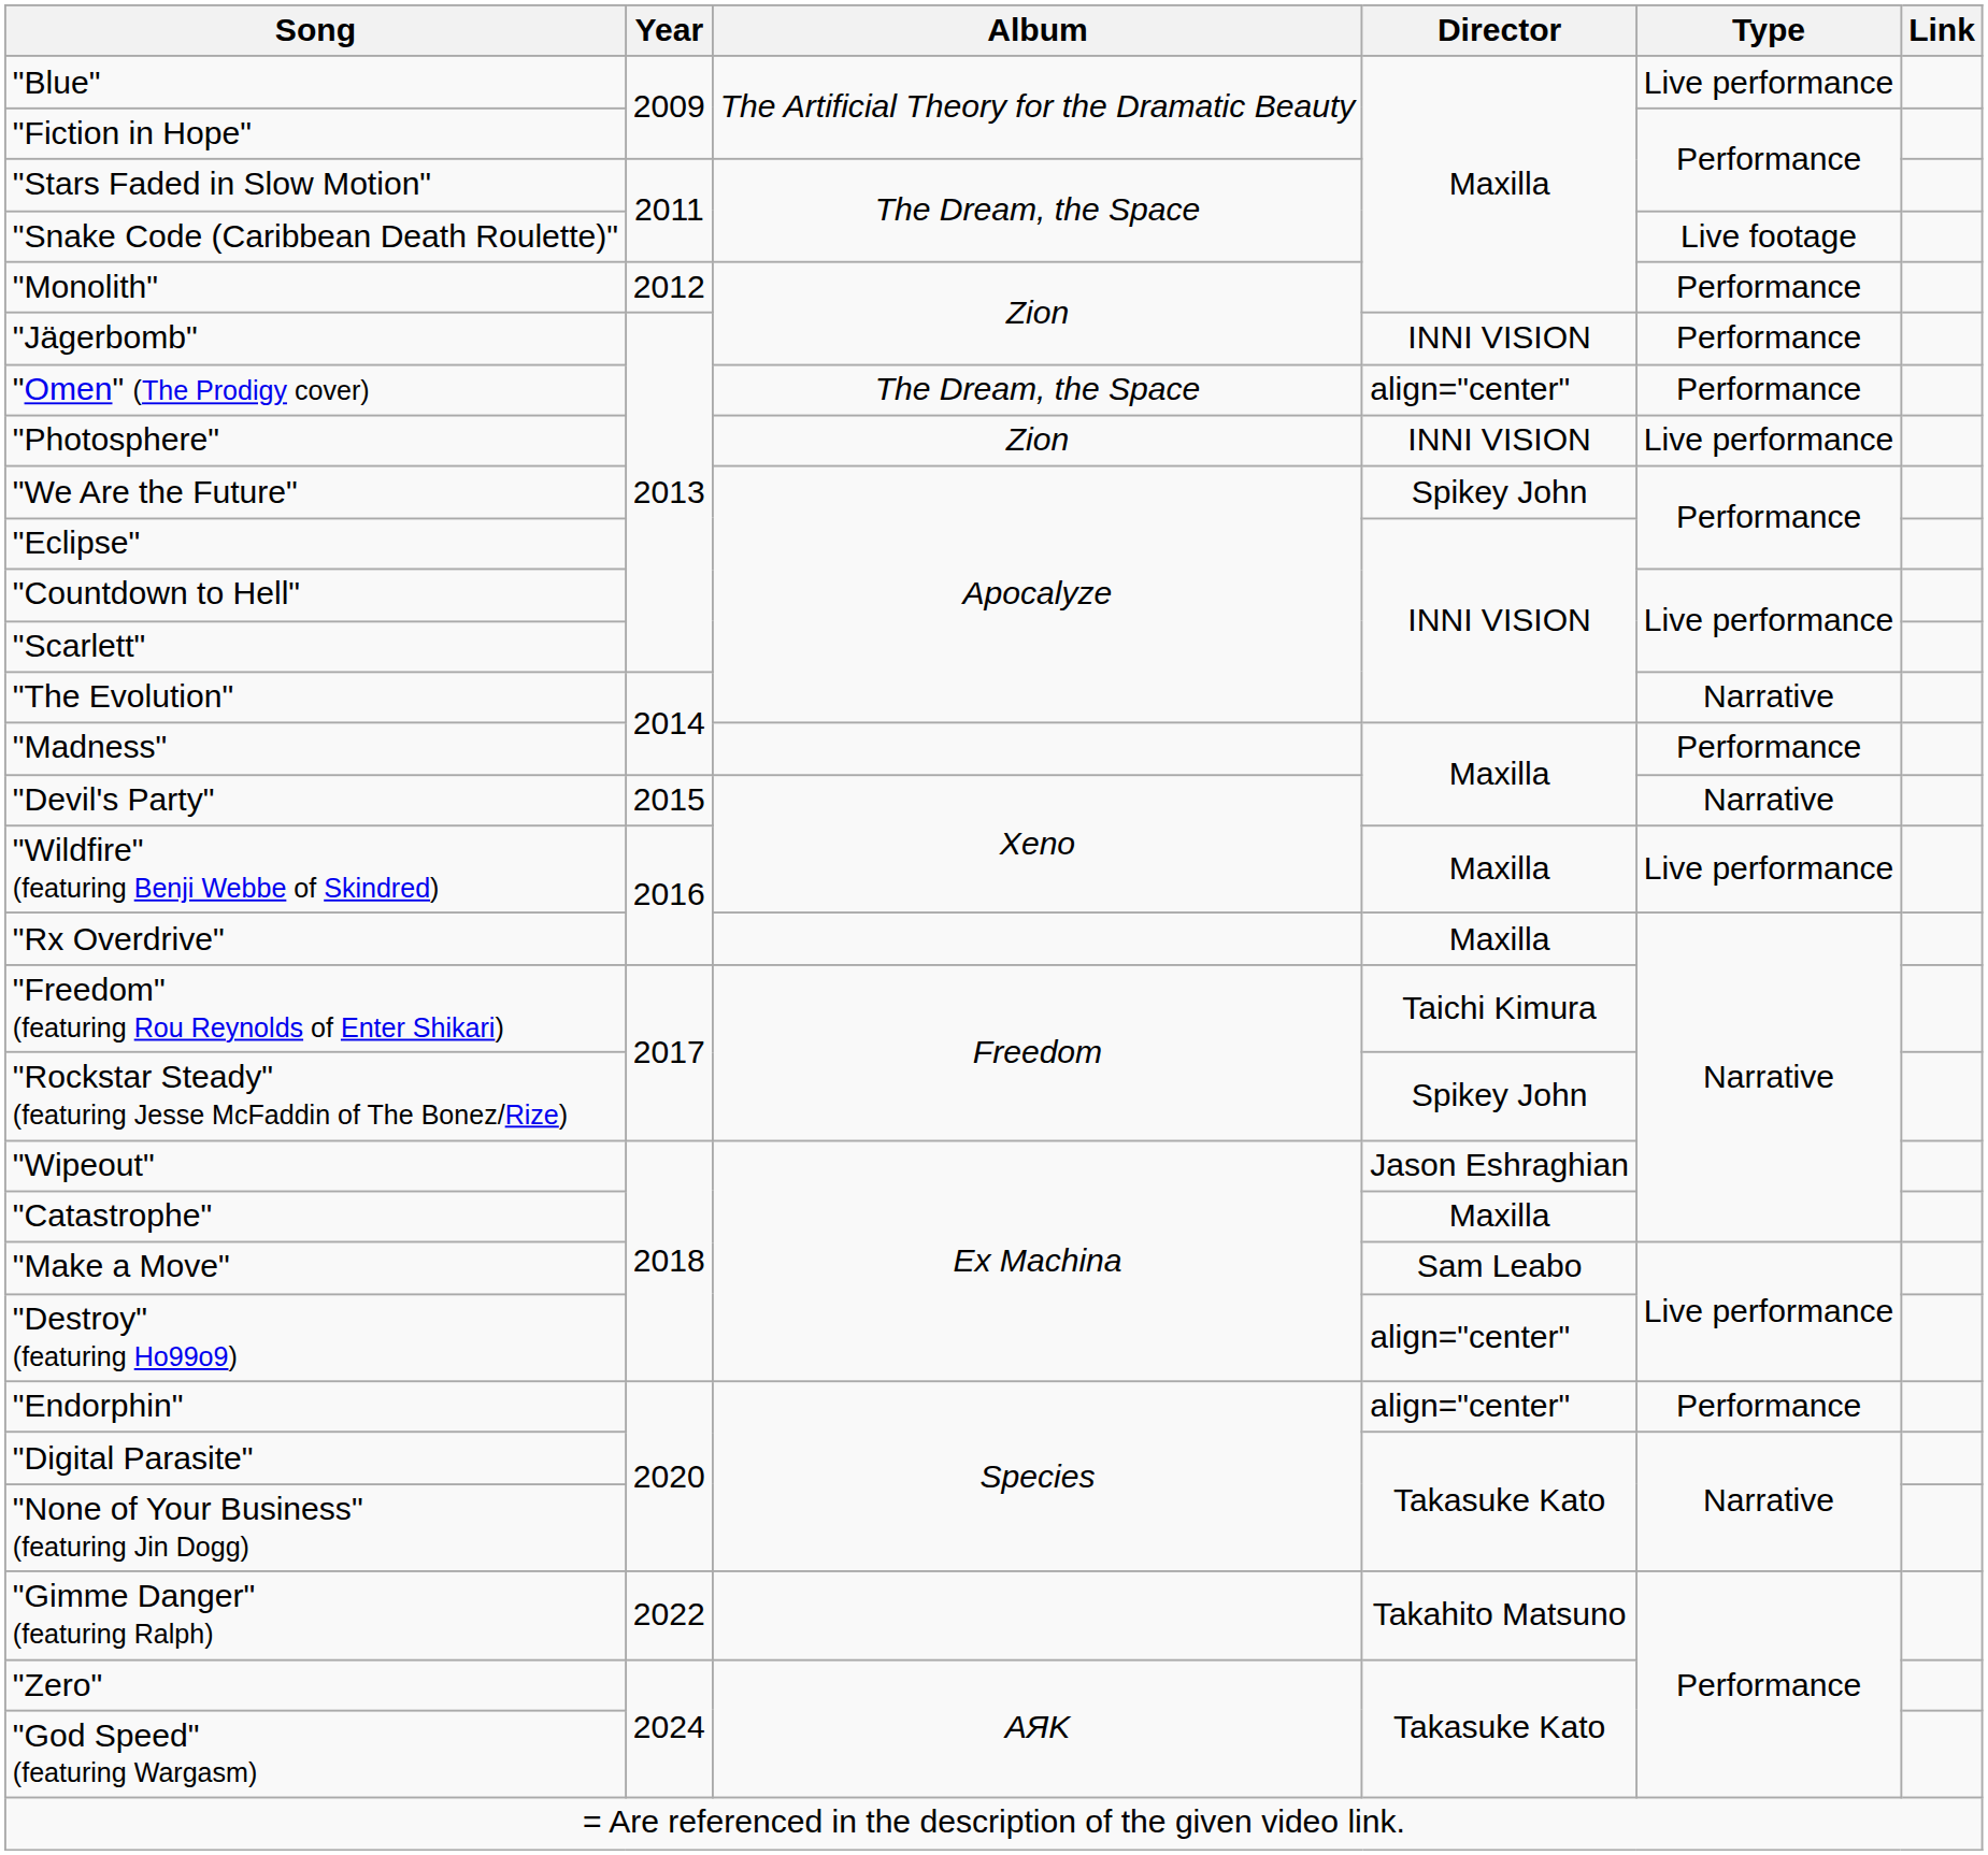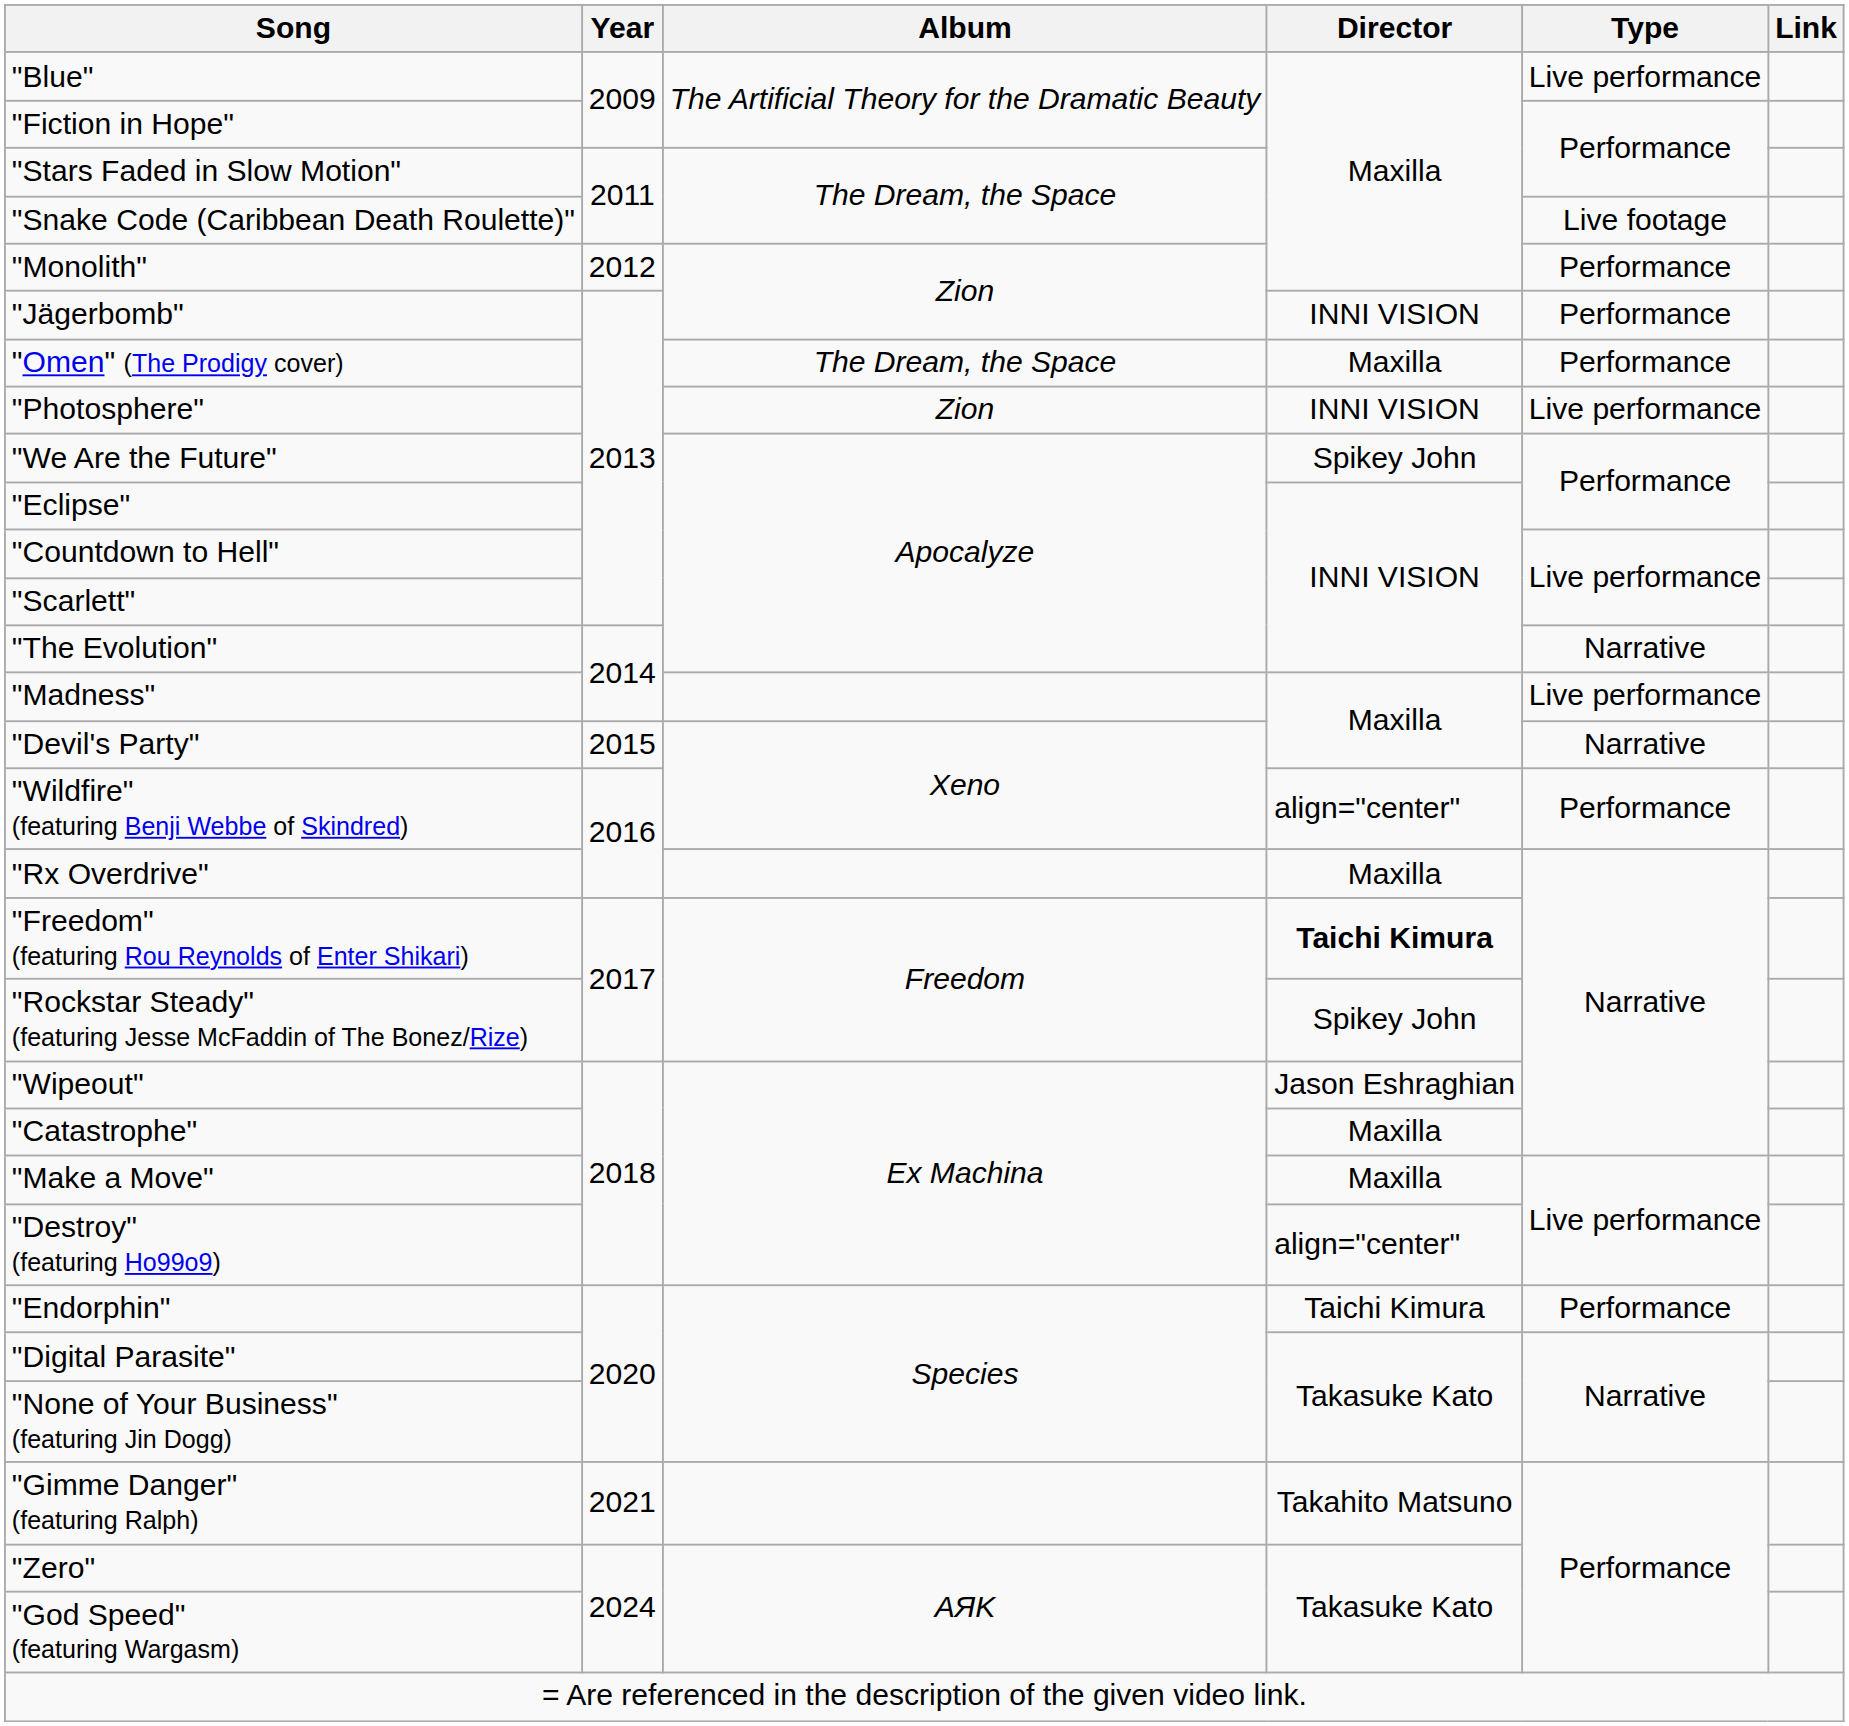 <table class="wikitable">
 <tr>
 <th>Song</th>
 <th>Year</th>
 <th>Album</th>
 <th>Director</th>
 <th>Type</th>
 <th>Link</th>
 </tr>
 <tr>
 <td>"Blue"</td>
 <td align="center" rowspan="2">2009</td>
 <td align="center" rowspan="2"><em>The Artificial Theory for the Dramatic Beauty</em></td>
 <td align="center" rowspan=5>Maxilla</td>
 <td align="center">Live performance</td>
 <td></td>
 </tr>
 <tr>
 <td>"Fiction in Hope"</td>
 <td align="center" rowspan="2">Performance</td>
 <td></td>
 </tr>
 <tr>
 <td>"Stars Faded in Slow Motion"</td>
 <td align="center" rowspan=2>2011</td>
 <td align="center" rowspan=2><em>The Dream, the Space</em></td>
 <td></td>
 </tr>
 <tr>
 <td>"Snake Code (Caribbean Death Roulette)"</td>
 <td align="center">Live footage</td>
 <td></td>
 </tr>
 <tr>
 <td>"Monolith"</td>
 <td>2012</td>
 <td align="center" rowspan=2><em>Zion</em></td>
 <td align="center">Performance</td>
 <td></td>
 </tr>
 <tr>
 <td>"Jägerbomb"</td>
 <td align="center" rowspan="7">2013</td>
 <td align="center">INNI VISION</td>
 <td align="center">Performance</td>
 <td></td>
 </tr>
 <tr>
 <td>"<a href='#'>Omen</a>" <small>(<a href='#'>The Prodigy</a> cover)</small></td>
 <td align="center"><em>The Dream, the Space</em></td>
-<td>align="center" </td>
+<td align="center">Maxilla</td>
 <td align="center">Performance</td>
 <td></td>
 </tr>
 <tr>
 <td>"Photosphere"</td>
 <td align="center"><em>Zion</em></td>
 <td align="center">INNI VISION</td>
 <td align="center">Live performance</td>
 <td></td>
 </tr>
 <tr>
 <td>"We Are the Future"</td>
 <td align="center" rowspan=5><em>Apocalyze</em></td>
 <td align="center">Spikey John</td>
 <td align="center" rowspan=2>Performance</td>
 <td></td>
 </tr>
 <tr>
 <td>"Eclipse"</td>
 <td align="center" rowspan=4>INNI VISION</td>
 <td></td>
 </tr>
 <tr>
 <td>"Countdown to Hell"</td>
 <td align="center" rowspan=2>Live performance</td>
 <td></td>
 </tr>
 <tr>
 <td>"Scarlett"</td>
 <td></td>
 </tr>
 <tr>
 <td>"The Evolution"</td>
 <td align="center" rowspan=2>2014</td>
 <td align="center">Narrative</td>
 <td></td>
 </tr>
 <tr>
 <td>"Madness"</td>
 <td></td>
 <td align="center" rowspan=2>Maxilla</td>
-<td align="center">Performance</td>
+<td align="center">Live performance</td>
 <td></td>
 </tr>
 <tr>
 <td>"Devil's Party"</td>
 <td align="center">2015</td>
 <td align="center" rowspan="2"><em>Xeno</em></td>
 <td align="center">Narrative</td>
 <td></td>
 </tr>
 <tr>
 <td>"Wildfire"<br><small>(featuring <a href='#'>Benji Webbe</a> of <a href='#'>Skindred</a>)</small></td>
 <td align="center"rowspan=2>2016</td>
-<td align="center">Maxilla</td>
-<td align="center">Live performance</td>
+<td>align="center" </td>
+<td align="center">Performance</td>
 <td></td>
 </tr>
 <tr>
 <td>"Rx Overdrive"</td>
 <td></td>
 <td align="center">Maxilla</td>
 <td align="center" rowspan=5>Narrative</td>
 <td></td>
 </tr>
 <tr>
 <td>"Freedom"<br><small>(featuring <a href='#'>Rou Reynolds</a> of <a href='#'>Enter Shikari</a>)</small></td>
 <td align="center" rowspan="2">2017</td>
 <td align="center" rowspan="2"><em>Freedom</em></td>
-<td align="center">Taichi Kimura</td>
+<td align="center"><strong>Taichi Kimura</strong></td>
 <td></td>
 </tr>
 <tr>
 <td>"Rockstar Steady"<br><small>(featuring Jesse McFaddin of The Bonez/<a href='#'>Rize</a>)</small></td>
 <td align="center">Spikey John</td>
 <td></td>
 </tr>
 <tr>
 <td>"Wipeout"</td>
 <td align="center" rowspan=4>2018</td>
 <td align="center" rowspan="4"><em>Ex Machina</em></td>
 <td align="center">Jason Eshraghian</td>
 <td></td>
 </tr>
 <tr>
 <td>"Catastrophe"</td>
 <td align="center">Maxilla</td>
 <td></td>
 </tr>
 <tr>
 <td>"Make a Move"</td>
-<td align="center">Sam Leabo</td>
+<td align="center">Maxilla</td>
 <td align="center" rowspan="2">Live performance</td>
 <td></td>
 </tr>
 <tr>
 <td>"Destroy"<br><small>(featuring <a href='#'>Ho99o9</a>)</small></td>
 <td>align="center" </td>
 <td></td>
 </tr>
 <tr>
 <td>"Endorphin"</td>
 <td align="center" rowspan=3>2020</td>
 <td align="center" rowspan="3"><em>Species</em></td>
-<td>align="center" </td>
+<td align="center">Taichi Kimura</td>
 <td align="center">Performance</td>
 <td></td>
 </tr>
 <tr>
 <td>"Digital Parasite"</td>
 <td align="center"rowspan=2>Takasuke Kato</td>
 <td align="center"rowspan=2>Narrative</td>
 <td></td>
 </tr>
 <tr>
 <td>"None of Your Business"<br><small>(featuring Jin Dogg)</small></td>
 <td></td>
 </tr>
 <tr>
 <td>"Gimme Danger"<br><small>(featuring Ralph)</small></td>
-<td align="center">2022</td>
+<td align="center">2021</td>
 <td></td>
 <td align="center">Takahito Matsuno</td>
 <td align="center"rowspan=3>Performance</td>
 <td></td>
 </tr>
 <tr>
 <td>"Zero"</td>
 <td align="center" rowspan=2>2024</td>
 <td align="center" rowspan="2"><em>AЯK</em></td>
 <td align="center" rowspan=2>Takasuke Kato</td>
 <td></td>
 </tr>
 <tr>
 <td>"God Speed"<br><small>(featuring Wargasm)</small></td>
 <td></td>
 </tr>
 <tr>
 <td colspan="6" style="text-align:center">= Are referenced in the description of the given video link.</td>
 </tr>
 </table>
